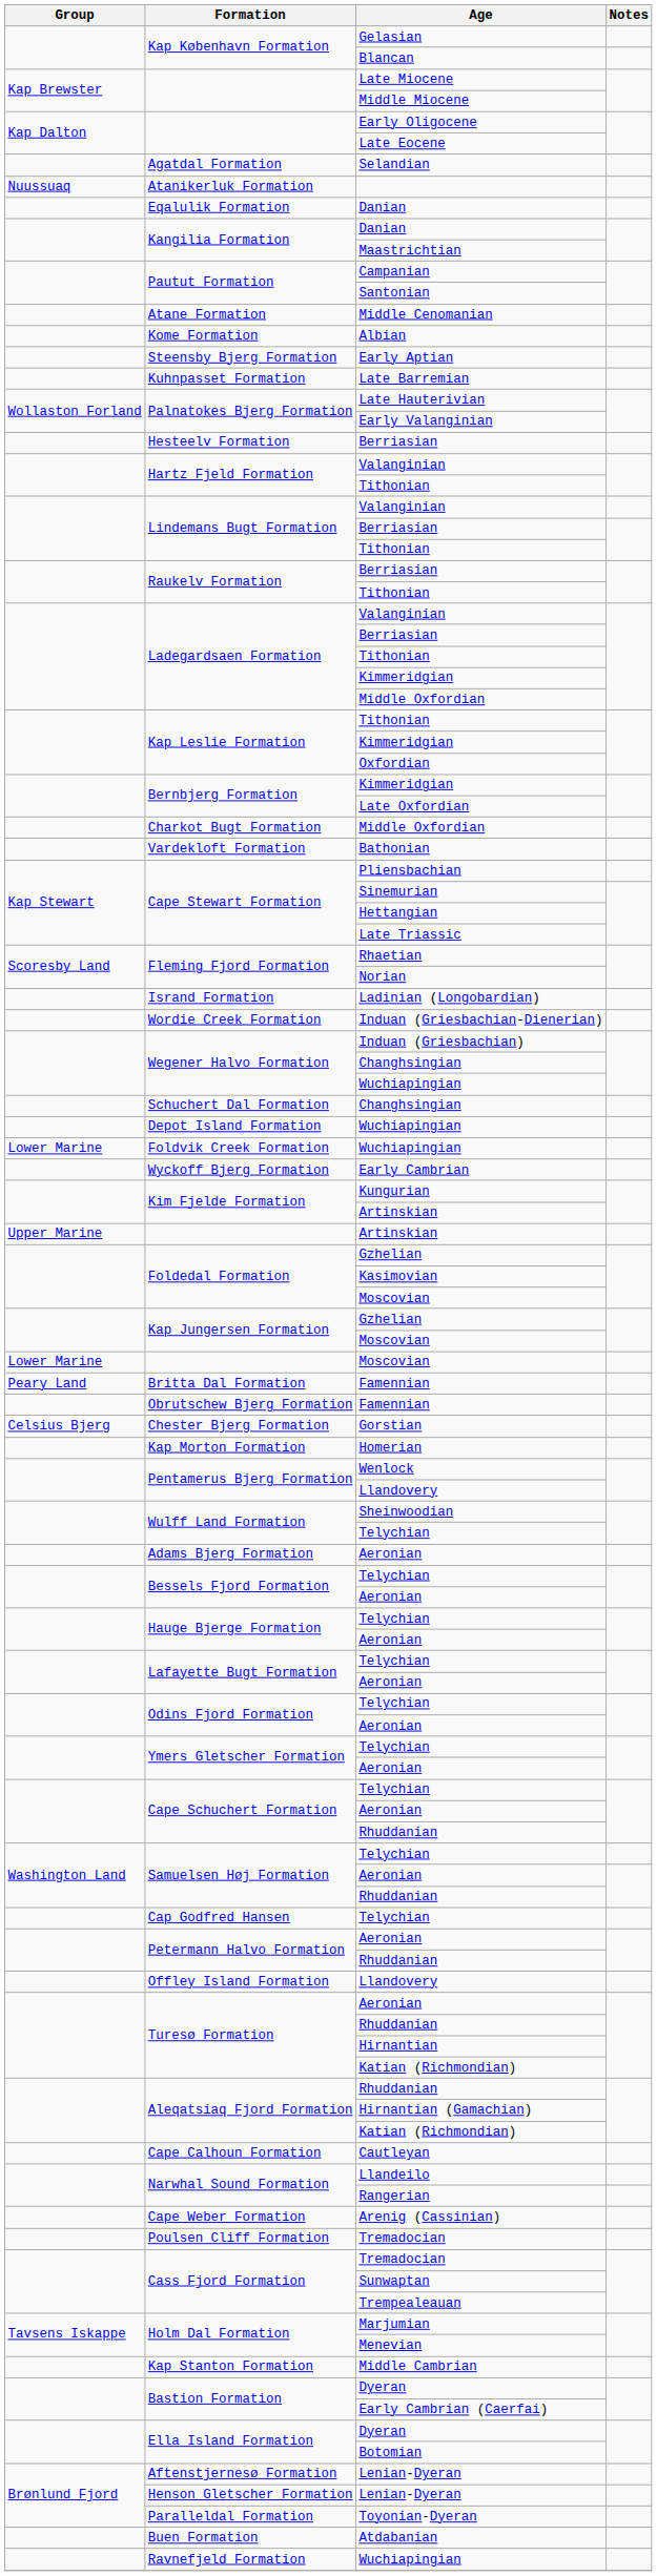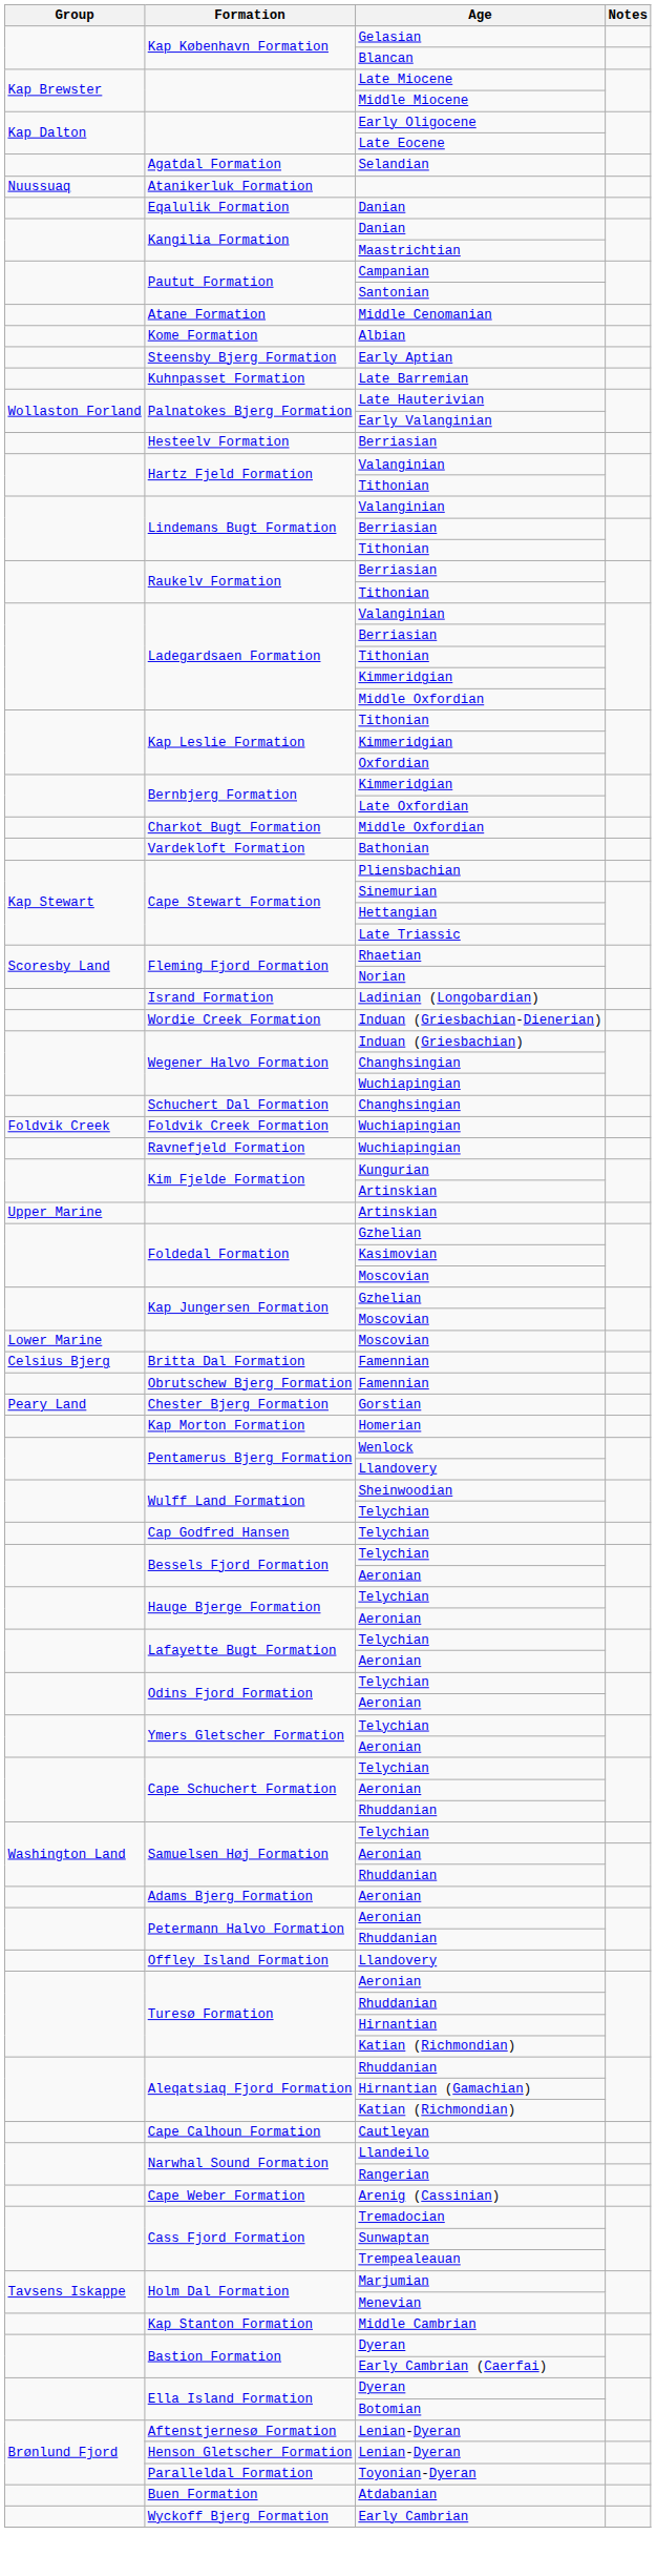 <table class="wikitable sortable">
 <tr>
 <th>Group</th>
 <th>Formation</th>
 <th>Age</th>
 <th>Notes</th>
 </tr>
 <tr>
 <td rowspan=2></td>
 <td rowspan=2><a href='#'>Kap København Formation</a></td>
 <td style="background-color: "><a href='#'>Gelasian</a></td>
 <td align=center></td>
 </tr>
 <tr>
 <td style="background-color: "><a href='#'>Blancan</a></td>
 <td align=center></td>
 </tr>
 <tr>
 <td rowspan=2><a href='#'>Kap Brewster</a></td>
 <td rowspan=2></td>
 <td style="background-color: "><a href='#'>Late Miocene</a></td>
 <td rowspan=2 align=center></td>
 </tr>
 <tr>
 <td style="background-color: "><a href='#'>Middle Miocene</a></td>
 </tr>
 <tr>
 <td rowspan=2><a href='#'>Kap Dalton</a></td>
 <td rowspan=2></td>
 <td style="background-color: "><a href='#'>Early Oligocene</a></td>
 <td rowspan=2 align=center></td>
 </tr>
 <tr>
 <td style="background-color: "><a href='#'>Late Eocene</a></td>
 </tr>
 <tr>
 <td></td>
 <td><a href='#'>Agatdal Formation</a></td>
 <td style="background-color: "><a href='#'>Selandian</a></td>
 <td align=center></td>
 </tr>
 <tr>
 <td><a href='#'>Nuussuaq</a></td>
 <td><a href='#'>Atanikerluk Formation</a></td>
 <td align=center></td>
 </tr>
 <tr>
 <td></td>
 <td><a href='#'>Eqalulik Formation</a></td>
 <td style="background-color: "><a href='#'>Danian</a></td>
 <td align=center></td>
 </tr>
 <tr>
 <td rowspan=2></td>
 <td rowspan=2><a href='#'>Kangilia Formation</a></td>
 <td style="background-color: "><a href='#'>Danian</a></td>
 <td rowspan=2 align=center></td>
 </tr>
 <tr>
 <td style="background-color: "><a href='#'>Maastrichtian</a></td>
 </tr>
 <tr>
 <td rowspan=2></td>
 <td rowspan=2><a href='#'>Pautut Formation</a></td>
 <td style="background-color: "><a href='#'>Campanian</a></td>
 <td align=center rowspan=2></td>
 </tr>
 <tr>
 <td style="background-color: "><a href='#'>Santonian</a></td>
 </tr>
 <tr>
 <td></td>
 <td><a href='#'>Atane Formation</a></td>
 <td style="background-color: "><a href='#'>Middle Cenomanian</a></td>
 <td align=center></td>
 </tr>
 <tr>
 <td></td>
 <td><a href='#'>Kome Formation</a></td>
 <td style="background-color: "><a href='#'>Albian</a></td>
 <td align=center></td>
 </tr>
 <tr>
 <td></td>
 <td><a href='#'>Steensby Bjerg Formation</a></td>
 <td style="background-color: "><a href='#'>Early Aptian</a></td>
 <td align=center></td>
 </tr>
 <tr>
 <td></td>
 <td><a href='#'>Kuhnpasset Formation</a></td>
 <td style="background-color: "><a href='#'>Late Barremian</a></td>
 <td align=center></td>
 </tr>
 <tr>
 <td rowspan=2><a href='#'>Wollaston Forland</a></td>
 <td rowspan=2><a href='#'>Palnatokes Bjerg Formation</a></td>
 <td style="background-color: "><a href='#'>Late Hauterivian</a></td>
 <td align=center rowspan=2></td>
 </tr>
 <tr>
 <td style="background-color: "><a href='#'>Early Valanginian</a></td>
 </tr>
 <tr>
 <td></td>
 <td><a href='#'>Hesteelv Formation</a></td>
 <td style="background-color: "><a href='#'>Berriasian</a></td>
 <td align=center></td>
 </tr>
 <tr>
 <td rowspan=2></td>
 <td rowspan=2><a href='#'>Hartz Fjeld Formation</a></td>
 <td style="background-color: "><a href='#'>Valanginian</a></td>
 <td rowspan=2 align=center></td>
 </tr>
 <tr>
 <td style="background-color: "><a href='#'>Tithonian</a></td>
 </tr>
 <tr>
 <td rowspan=3></td>
 <td rowspan=3><a href='#'>Lindemans Bugt Formation</a></td>
 <td style="background-color: "><a href='#'>Valanginian</a></td>
 <td align=center></td>
 </tr>
 <tr>
 <td style="background-color: "><a href='#'>Berriasian</a></td>
 <td align=center rowspan=2></td>
 </tr>
 <tr>
 <td style="background-color: "><a href='#'>Tithonian</a></td>
 </tr>
 <tr>
 <td rowspan=2></td>
 <td rowspan=2><a href='#'>Raukelv Formation</a></td>
 <td style="background-color: "><a href='#'>Berriasian</a></td>
 <td rowspan=2 align=center></td>
 </tr>
 <tr>
 <td style="background-color: "><a href='#'>Tithonian</a></td>
 </tr>
 <tr>
 <td rowspan=5></td>
 <td rowspan=5><a href='#'>Ladegardsaen Formation</a></td>
 <td style="background-color: "><a href='#'>Valanginian</a></td>
 <td align=center rowspan=5></td>
 </tr>
 <tr>
 <td style="background-color: "><a href='#'>Berriasian</a></td>
 </tr>
 <tr>
 <td style="background-color: "><a href='#'>Tithonian</a></td>
 </tr>
 <tr>
 <td style="background-color: "><a href='#'>Kimmeridgian</a></td>
 </tr>
 <tr>
 <td style="background-color: "><a href='#'>Middle Oxfordian</a></td>
 </tr>
 <tr>
 <td rowspan=3></td>
 <td rowspan=3><a href='#'>Kap Leslie Formation</a></td>
 <td style="background-color: "><a href='#'>Tithonian</a></td>
 <td align=center rowspan=3></td>
 </tr>
 <tr>
 <td style="background-color: "><a href='#'>Kimmeridgian</a></td>
 </tr>
 <tr>
 <td style="background-color: "><a href='#'>Oxfordian</a></td>
 </tr>
 <tr>
 <td rowspan=2></td>
 <td rowspan=2><a href='#'>Bernbjerg Formation</a></td>
 <td style="background-color: "><a href='#'>Kimmeridgian</a></td>
 <td align=center rowspan=2></td>
 </tr>
 <tr>
 <td style="background-color: "><a href='#'>Late Oxfordian</a></td>
 </tr>
 <tr>
 <td></td>
 <td><a href='#'>Charkot Bugt Formation</a></td>
 <td style="background-color: "><a href='#'>Middle Oxfordian</a></td>
 <td align=center></td>
 </tr>
 <tr>
 <td></td>
 <td><a href='#'>Vardekloft Formation</a></td>
 <td style="background-color: "><a href='#'>Bathonian</a></td>
 <td align=center></td>
 </tr>
 <tr>
 <td rowspan=4><a href='#'>Kap Stewart</a></td>
 <td rowspan=4><a href='#'>Cape Stewart Formation</a></td>
 <td style="background-color: "><a href='#'>Pliensbachian</a></td>
 <td align=center></td>
 </tr>
 <tr>
 <td style="background-color: "><a href='#'>Sinemurian</a></td>
 <td rowspan=3 align=center></td>
 </tr>
 <tr>
 <td style="background-color: "><a href='#'>Hettangian</a></td>
 </tr>
 <tr>
 <td style="background-color: "><a href='#'>Late Triassic</a></td>
 </tr>
 <tr>
 <td rowspan=2><a href='#'>Scoresby Land</a></td>
 <td rowspan=2><a href='#'>Fleming Fjord Formation</a></td>
 <td style="background-color: "><a href='#'>Rhaetian</a></td>
 <td align=center rowspan=2></td>
 </tr>
 <tr>
 <td style="background-color: "><a href='#'>Norian</a></td>
 </tr>
 <tr>
 <td></td>
 <td><a href='#'>Isrand Formation</a></td>
 <td style="background-color: "><a href='#'>Ladinian</a> (<a href='#'>Longobardian</a>)</td>
 <td align=center></td>
 </tr>
 <tr>
 <td></td>
 <td><a href='#'>Wordie Creek Formation</a></td>
 <td style="background-color: "><a href='#'>Induan</a> (<a href='#'>Griesbachian</a>-<a href='#'>Dienerian</a>)</td>
 <td align=center></td>
 </tr>
 <tr>
 <td rowspan=3></td>
 <td rowspan=3><a href='#'>Wegener Halvo Formation</a></td>
 <td style="background-color: "><a href='#'>Induan</a> (<a href='#'>Griesbachian</a>)</td>
 <td align=center rowspan=3></td>
 </tr>
 <tr>
 <td style="background-color: "><a href='#'>Changhsingian</a></td>
 </tr>
 <tr>
 <td style="background-color: "><a href='#'>Wuchiapingian</a></td>
 </tr>
 <tr>
 <td></td>
 <td><a href='#'>Schuchert Dal Formation</a></td>
 <td style="background-color: "><a href='#'>Changhsingian</a></td>
 <td align=center></td>
 </tr>
 <tr>
-<td></td>
-<td><a href='#'>Depot Island Formation</a></td>
-<td style="background-color: "><a href='#'>Wuchiapingian</a></td>
-<td align=center></td>
-</tr>
-<tr>
-<td><a href='#'>Lower Marine</a></td>
+<td><a href='#'>Foldvik Creek</a></td>
 <td><a href='#'>Foldvik Creek Formation</a></td>
 <td style="background-color: "><a href='#'>Wuchiapingian</a></td>
 <td align=center></td>
 </tr>
 <tr>
 <td></td>
-<td><a href='#'>Wyckoff Bjerg Formation</a></td>
-<td style="background-color: "><a href='#'>Early Cambrian</a></td>
+<td><a href='#'>Ravnefjeld Formation</a></td>
+<td style="background-color: "><a href='#'>Wuchiapingian</a></td>
 <td align=center></td>
 </tr>
 <tr>
 <td rowspan=2></td>
 <td rowspan=2><a href='#'>Kim Fjelde Formation</a></td>
 <td style="background-color: "><a href='#'>Kungurian</a></td>
 <td align=center rowspan=2></td>
 </tr>
 <tr>
 <td style="background-color: "><a href='#'>Artinskian</a></td>
 </tr>
 <tr>
 <td><a href='#'>Upper Marine</a></td>
 <td></td>
 <td style="background-color: "><a href='#'>Artinskian</a></td>
 <td align=center></td>
 </tr>
 <tr>
 <td rowspan=3></td>
 <td rowspan=3><a href='#'>Foldedal Formation</a></td>
 <td style="background-color: "><a href='#'>Gzhelian</a></td>
 <td align=center rowspan=3></td>
 </tr>
 <tr>
 <td style="background-color: "><a href='#'>Kasimovian</a></td>
 </tr>
 <tr>
 <td style="background-color: "><a href='#'>Moscovian</a></td>
 </tr>
 <tr>
 <td rowspan=2></td>
 <td rowspan=2><a href='#'>Kap Jungersen Formation</a></td>
 <td style="background-color: "><a href='#'>Gzhelian</a></td>
 <td align=center rowspan=2></td>
 </tr>
 <tr>
 <td style="background-color: "><a href='#'>Moscovian</a></td>
 </tr>
 <tr>
 <td><a href='#'>Lower Marine</a></td>
 <td></td>
 <td style="background-color: "><a href='#'>Moscovian</a></td>
 <td align=center></td>
 </tr>
 <tr>
-<td><a href='#'>Peary Land</a></td>
+<td><a href='#'>Celsius Bjerg</a></td>
 <td><a href='#'>Britta Dal Formation</a></td>
 <td style="background-color: "><a href='#'>Famennian</a></td>
 <td align=center><br></td>
 </tr>
 <tr>
 <td></td>
 <td><a href='#'>Obrutschew Bjerg Formation</a></td>
 <td style="background-color: "><a href='#'>Famennian</a></td>
 <td align=center></td>
 </tr>
 <tr>
-<td><a href='#'>Celsius Bjerg</a></td>
+<td><a href='#'>Peary Land</a></td>
 <td><a href='#'>Chester Bjerg Formation</a></td>
 <td style="background-color: "><a href='#'>Gorstian</a></td>
 <td align=center></td>
 </tr>
 <tr>
 <td></td>
 <td><a href='#'>Kap Morton Formation</a></td>
 <td style="background-color: "><a href='#'>Homerian</a></td>
 <td align=center></td>
 </tr>
 <tr>
 <td rowspan=2></td>
 <td rowspan=2><a href='#'>Pentamerus Bjerg Formation</a></td>
 <td style="background-color: "><a href='#'>Wenlock</a></td>
 <td align=center rowspan=2></td>
 </tr>
 <tr>
 <td style="background-color: "><a href='#'>Llandovery</a></td>
 </tr>
 <tr>
 <td rowspan=2></td>
 <td rowspan=2><a href='#'>Wulff Land Formation</a></td>
 <td style="background-color: "><a href='#'>Sheinwoodian</a></td>
 <td align=center rowspan=2></td>
 </tr>
 <tr>
 <td style="background-color: "><a href='#'>Telychian</a></td>
 </tr>
 <tr>
 <td></td>
-<td><a href='#'>Adams Bjerg Formation</a></td>
-<td style="background-color: "><a href='#'>Aeronian</a></td>
+<td><a href='#'>Cap Godfred Hansen</a></td>
+<td style="background-color: "><a href='#'>Telychian</a></td>
 <td align=center></td>
 </tr>
 <tr>
 <td rowspan=2></td>
 <td rowspan=2><a href='#'>Bessels Fjord Formation</a></td>
 <td style="background-color: "><a href='#'>Telychian</a></td>
 <td align=center rowspan=2></td>
 </tr>
 <tr>
 <td style="background-color: "><a href='#'>Aeronian</a></td>
 </tr>
 <tr>
 <td rowspan=2></td>
 <td rowspan=2><a href='#'>Hauge Bjerge Formation</a></td>
 <td style="background-color: "><a href='#'>Telychian</a></td>
 <td align=center rowspan=2></td>
 </tr>
 <tr>
 <td style="background-color: "><a href='#'>Aeronian</a></td>
 </tr>
 <tr>
 <td rowspan=2></td>
 <td rowspan=2><a href='#'>Lafayette Bugt Formation</a></td>
 <td style="background-color: "><a href='#'>Telychian</a></td>
 <td align=center rowspan=2></td>
 </tr>
 <tr>
 <td style="background-color: "><a href='#'>Aeronian</a></td>
 </tr>
 <tr>
 <td rowspan=2></td>
 <td rowspan=2><a href='#'>Odins Fjord Formation</a></td>
 <td style="background-color: "><a href='#'>Telychian</a></td>
 <td align=center rowspan=2></td>
 </tr>
 <tr>
 <td style="background-color: "><a href='#'>Aeronian</a></td>
 </tr>
 <tr>
 <td rowspan=2></td>
 <td rowspan=2><a href='#'>Ymers Gletscher Formation</a></td>
 <td style="background-color: "><a href='#'>Telychian</a></td>
 <td align=center rowspan=2></td>
 </tr>
 <tr>
 <td style="background-color: "><a href='#'>Aeronian</a></td>
 </tr>
 <tr>
 <td rowspan=3></td>
 <td rowspan=3><a href='#'>Cape Schuchert Formation</a></td>
 <td style="background-color: "><a href='#'>Telychian</a></td>
 <td rowspan=3 align=center></td>
 </tr>
 <tr>
 <td style="background-color: "><a href='#'>Aeronian</a></td>
 </tr>
 <tr>
 <td style="background-color: "><a href='#'>Rhuddanian</a></td>
 </tr>
 <tr>
 <td rowspan=3><a href='#'>Washington Land</a></td>
 <td rowspan=3><a href='#'>Samuelsen Høj Formation</a></td>
 <td style="background-color: "><a href='#'>Telychian</a></td>
 <td align=center></td>
 </tr>
 <tr>
 <td style="background-color: "><a href='#'>Aeronian</a></td>
 <td align=center rowspan=2></td>
 </tr>
 <tr>
 <td style="background-color: "><a href='#'>Rhuddanian</a></td>
 </tr>
 <tr>
 <td></td>
-<td><a href='#'>Cap Godfred Hansen</a></td>
-<td style="background-color: "><a href='#'>Telychian</a></td>
+<td><a href='#'>Adams Bjerg Formation</a></td>
+<td style="background-color: "><a href='#'>Aeronian</a></td>
 <td align=center></td>
 </tr>
 <tr>
 <td rowspan=2></td>
 <td rowspan=2><a href='#'>Petermann Halvo Formation</a></td>
 <td style="background-color: "><a href='#'>Aeronian</a></td>
 <td align=center rowspan=2></td>
 </tr>
 <tr>
 <td style="background-color: "><a href='#'>Rhuddanian</a></td>
 </tr>
 <tr>
 <td></td>
 <td><a href='#'>Offley Island Formation</a></td>
 <td style="background-color: "><a href='#'>Llandovery</a></td>
 <td align=center></td>
 </tr>
 <tr>
 <td rowspan=4></td>
 <td rowspan=4><a href='#'>Turesø Formation</a></td>
 <td style="background-color: "><a href='#'>Aeronian</a></td>
 <td align=center rowspan=4></td>
 </tr>
 <tr>
 <td style="background-color: "><a href='#'>Rhuddanian</a></td>
 </tr>
 <tr>
 <td style="background-color: "><a href='#'>Hirnantian</a></td>
 </tr>
 <tr>
 <td style="background-color: "><a href='#'>Katian</a> (<a href='#'>Richmondian</a>)</td>
 </tr>
 <tr>
 <td rowspan=3></td>
 <td rowspan=3><a href='#'>Aleqatsiaq Fjord Formation</a></td>
 <td style="background-color: "><a href='#'>Rhuddanian</a></td>
 <td align=center rowspan=3></td>
 </tr>
 <tr>
 <td style="background-color: "><a href='#'>Hirnantian</a> (<a href='#'>Gamachian</a>)</td>
 </tr>
 <tr>
 <td style="background-color: "><a href='#'>Katian</a> (<a href='#'>Richmondian</a>)</td>
 </tr>
 <tr>
 <td></td>
 <td><a href='#'>Cape Calhoun Formation</a></td>
 <td style="background-color: "><a href='#'>Cautleyan</a></td>
 <td align=center></td>
 </tr>
 <tr>
 <td rowspan=2></td>
 <td rowspan=2><a href='#'>Narwhal Sound Formation</a></td>
 <td style="background-color: "><a href='#'>Llandeilo</a></td>
 <td align=center></td>
 </tr>
 <tr>
 <td style="background-color: "><a href='#'>Rangerian</a></td>
 <td align=center></td>
 </tr>
 <tr>
 <td></td>
 <td><a href='#'>Cape Weber Formation</a></td>
 <td style="background-color: "><a href='#'>Arenig</a> (<a href='#'>Cassinian</a>)</td>
-<td align=center></td>
-</tr>
-<tr>
-<td></td>
-<td><a href='#'>Poulsen Cliff Formation</a></td>
-<td style="background-color: "><a href='#'>Tremadocian</a></td>
 <td align=center></td>
 </tr>
 <tr>
 <td rowspan=3></td>
 <td rowspan=3><a href='#'>Cass Fjord Formation</a></td>
 <td style="background-color: "><a href='#'>Tremadocian</a></td>
 <td align=center rowspan=3></td>
 </tr>
 <tr>
 <td style="background-color: "><a href='#'>Sunwaptan</a></td>
 </tr>
 <tr>
 <td style="background-color: "><a href='#'>Trempealeauan</a></td>
 </tr>
 <tr>
 <td rowspan=2><a href='#'>Tavsens Iskappe</a></td>
 <td rowspan=2><a href='#'>Holm Dal Formation</a></td>
 <td style="background-color: "><a href='#'>Marjumian</a></td>
 <td align=center rowspan=2></td>
 </tr>
 <tr>
 <td style="background-color: "><a href='#'>Menevian</a></td>
 </tr>
 <tr>
 <td></td>
 <td><a href='#'>Kap Stanton Formation</a></td>
 <td style="background-color: "><a href='#'>Middle Cambrian</a></td>
 <td align=center></td>
 </tr>
 <tr>
 <td rowspan=2></td>
 <td rowspan=2><a href='#'>Bastion Formation</a></td>
 <td style="background-color: "><a href='#'>Dyeran</a></td>
 <td align=center rowspan=2></td>
 </tr>
 <tr>
 <td style="background-color: "><a href='#'>Early Cambrian</a> (<a href='#'>Caerfai</a>)</td>
 </tr>
 <tr>
 <td rowspan=2></td>
 <td rowspan=2><a href='#'>Ella Island Formation</a></td>
 <td style="background-color: "><a href='#'>Dyeran</a></td>
 <td align=center rowspan=2></td>
 </tr>
 <tr>
 <td style="background-color: "><a href='#'>Botomian</a></td>
 </tr>
 <tr>
 <td rowspan=3><a href='#'>Brønlund Fjord</a></td>
 <td><a href='#'>Aftenstjernesø Formation</a></td>
 <td style="background-color: "><a href='#'>Lenian</a>-<a href='#'>Dyeran</a></td>
 <td align=center></td>
 </tr>
 <tr>
 <td><a href='#'>Henson Gletscher Formation</a></td>
 <td style="background-color: "><a href='#'>Lenian</a>-<a href='#'>Dyeran</a></td>
 <td align=center></td>
 </tr>
 <tr>
 <td><a href='#'>Paralleldal Formation</a></td>
 <td style="background-color: "><a href='#'>Toyonian</a>-<a href='#'>Dyeran</a></td>
 <td align=center></td>
 </tr>
 <tr>
 <td></td>
 <td><a href='#'>Buen Formation</a></td>
 <td style="background-color: "><a href='#'>Atdabanian</a></td>
 <td align=center></td>
 </tr>
 <tr>
 <td></td>
-<td><a href='#'>Ravnefjeld Formation</a></td>
-<td style="background-color: "><a href='#'>Wuchiapingian</a></td>
+<td><a href='#'>Wyckoff Bjerg Formation</a></td>
+<td style="background-color: "><a href='#'>Early Cambrian</a></td>
 <td align=center></td>
 </tr>
 <tr>
 </tr>
 </table>
